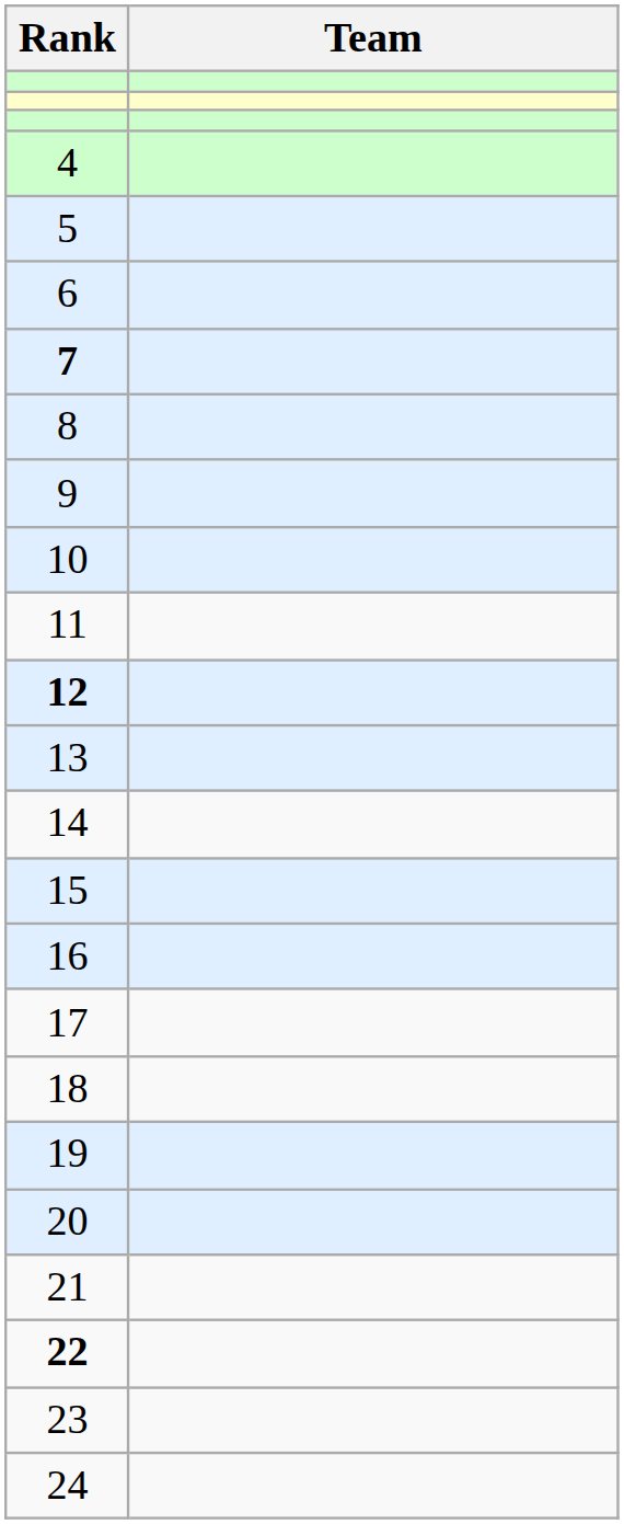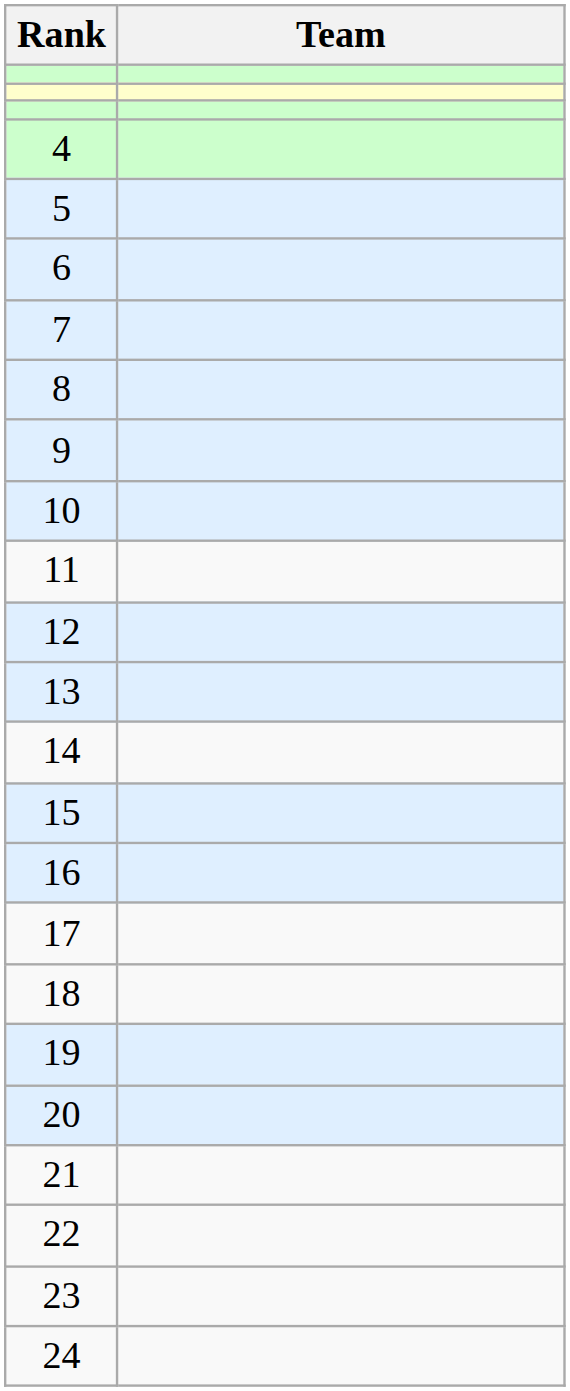 <table class="wikitable" style="text-align: center;">
 <tr>
 <th style="width: 40px;">Rank</th>
 <th style="width: 180px;">Team</th>
 </tr>
 <tr bgcolor=#ccffcc>
 <td></td>
 <td style="text-align:left;"></td>
 </tr>
 <tr bgcolor=#ffffcc>
 <td></td>
 <td style="text-align:left;"></td>
 </tr>
 <tr bgcolor=#ccffcc>
 <td></td>
 <td style="text-align:left;"></td>
 </tr>
 <tr bgcolor=#ccffcc>
 <td>4</td>
 <td style="text-align:left;"></td>
 </tr>
 <tr bgcolor=#dfefff>
 <td>5</td>
 <td style="text-align:left;"></td>
 </tr>
 <tr bgcolor=#dfefff>
 <td>6</td>
 <td style="text-align:left;"></td>
 </tr>
 <tr bgcolor=#dfefff>
-<td><strong>7</strong></td>
+<td>7</td>
 <td style="text-align:left;"></td>
 </tr>
 <tr bgcolor=#dfefff>
 <td>8</td>
 <td style="text-align:left;"></td>
 </tr>
 <tr bgcolor=#dfefff>
 <td>9</td>
 <td style="text-align:left;"></td>
 </tr>
 <tr bgcolor=#dfefff>
 <td>10</td>
 <td style="text-align:left;"></td>
 </tr>
 <tr>
 <td>11</td>
 <td style="text-align:left;"></td>
 </tr>
 <tr bgcolor=#dfefff>
-<td><strong>12</strong></td>
+<td>12</td>
 <td style="text-align:left;"></td>
 </tr>
 <tr bgcolor=#dfefff>
 <td>13</td>
 <td style="text-align:left;"></td>
 </tr>
 <tr>
 <td>14</td>
 <td style="text-align:left;"></td>
 </tr>
 <tr bgcolor=#dfefff>
 <td>15</td>
 <td style="text-align:left;"></td>
 </tr>
 <tr bgcolor=#dfefff>
 <td>16</td>
 <td style="text-align:left;"></td>
 </tr>
 <tr>
 <td>17</td>
 <td style="text-align:left;"></td>
 </tr>
 <tr>
 <td>18</td>
 <td style="text-align:left;"></td>
 </tr>
 <tr bgcolor=#dfefff>
 <td>19</td>
 <td style="text-align:left;"></td>
 </tr>
 <tr bgcolor=#dfefff>
 <td>20</td>
 <td style="text-align:left;"></td>
 </tr>
 <tr>
 <td>21</td>
 <td style="text-align:left;"></td>
 </tr>
 <tr>
-<td><strong>22</strong></td>
+<td>22</td>
 <td style="text-align:left;"></td>
 </tr>
 <tr>
 <td>23</td>
 <td style="text-align:left;"></td>
 </tr>
 <tr>
 <td>24</td>
 <td style="text-align:left;"></td>
 </tr>
 </table>
